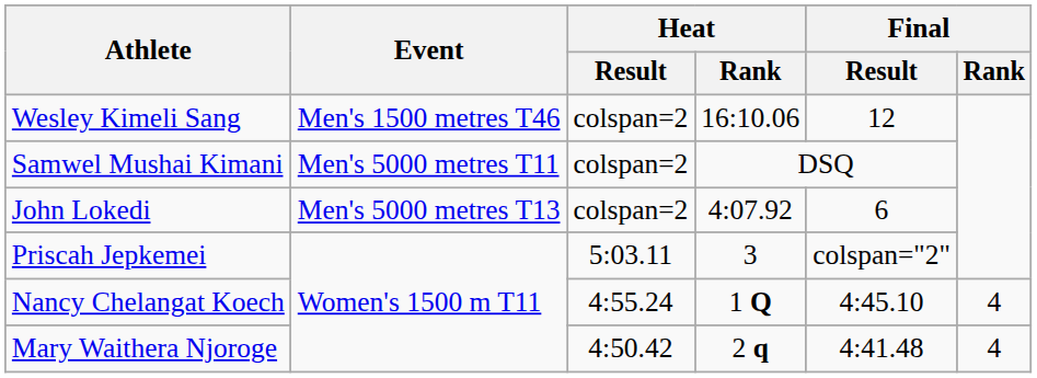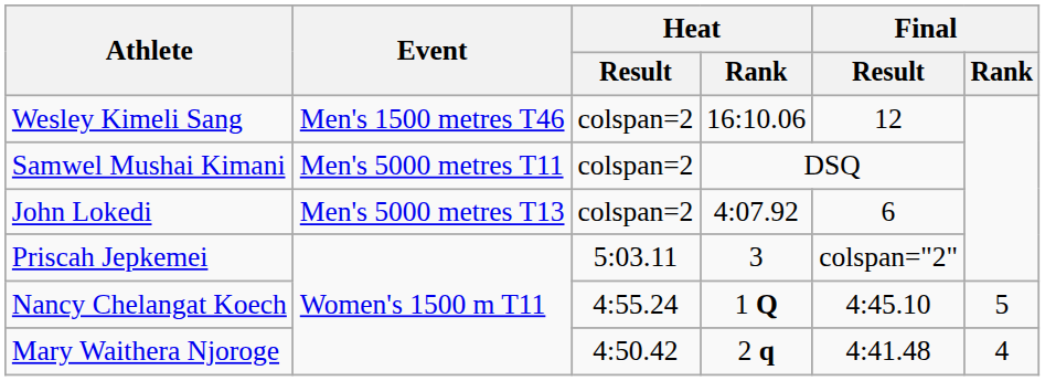 <table class="wikitable" style="font-size:90%">
 <tr>
 <th rowspan="2">Athlete</th>
 <th rowspan="2">Event</th>
 <th colspan="2">Heat</th>
 <th colspan="2">Final</th>
 </tr>
 <tr style="font-size:95%">
 <th>Result</th>
 <th>Rank</th>
 <th>Result</th>
 <th>Rank</th>
 </tr>
 <tr align=center>
 <td align=left><a href='#'>Wesley Kimeli Sang</a></td>
 <td align=left><a href='#'>Men's 1500 metres T46</a></td>
 <td>colspan=2 </td>
 <td>16:10.06</td>
 <td>12</td>
 </tr>
 <tr align=center>
 <td align=left><a href='#'>Samwel Mushai Kimani</a></td>
 <td align=left><a href='#'>Men's 5000 metres T11</a></td>
 <td>colspan=2 </td>
 <td colspan=2>DSQ</td>
 </tr>
 <tr align=center>
 <td align=left><a href='#'>John Lokedi</a></td>
 <td align=left><a href='#'>Men's 5000 metres T13</a></td>
 <td>colspan=2 </td>
 <td>4:07.92</td>
 <td>6</td>
 </tr>
 <tr align=center>
 <td align=left><a href='#'>Priscah Jepkemei</a></td>
 <td rowspan="3" align="left"><a href='#'>Women's 1500 m T11</a></td>
 <td>5:03.11</td>
 <td>3</td>
 <td>colspan="2" </td>
 </tr>
 <tr align=center>
 <td align=left><a href='#'>Nancy Chelangat Koech</a></td>
 <td>4:55.24</td>
 <td>1 <strong>Q</strong></td>
 <td>4:45.10</td>
-<td>4</td>
+<td>5</td>
 </tr>
 <tr align=center>
 <td align=left><a href='#'>Mary Waithera Njoroge</a></td>
 <td>4:50.42</td>
 <td>2 <strong>q</strong></td>
 <td>4:41.48</td>
 <td>4</td>
 </tr>
 </table>
